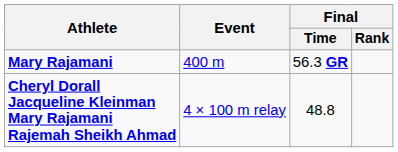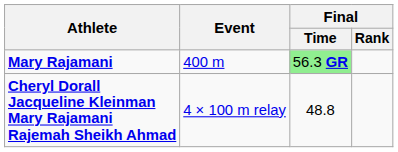 <table class="wikitable" style="font-size:90%">
 <tr>
 <th rowspan="2">Athlete</th>
 <th rowspan="2">Event</th>
 <th colspan="2">Final</th>
 </tr>
 <tr style="font-size:95%">
 <th>Time</th>
 <th>Rank</th>
 </tr>
 <tr align=center>
 <td align=left><strong><a href='#'>Mary Rajamani</a></strong></td>
 <td align=left><a href='#'>400 m</a></td>
-<td>56.3 <strong><a href='#'>GR</a></strong></td>
+<td style="background: lightgreen;">56.3 <strong><a href='#'>GR</a></strong></td>
 <td></td>
 </tr>
 <tr align=center>
 <td align=left><strong><a href='#'>Cheryl Dorall</a><br><a href='#'>Jacqueline Kleinman</a><br><a href='#'>Mary Rajamani</a><br><a href='#'>Rajemah Sheikh Ahmad</a></strong></td>
 <td align=left><a href='#'>4 × 100 m relay</a></td>
 <td>48.8</td>
 <td></td>
 </tr>
 </table>
